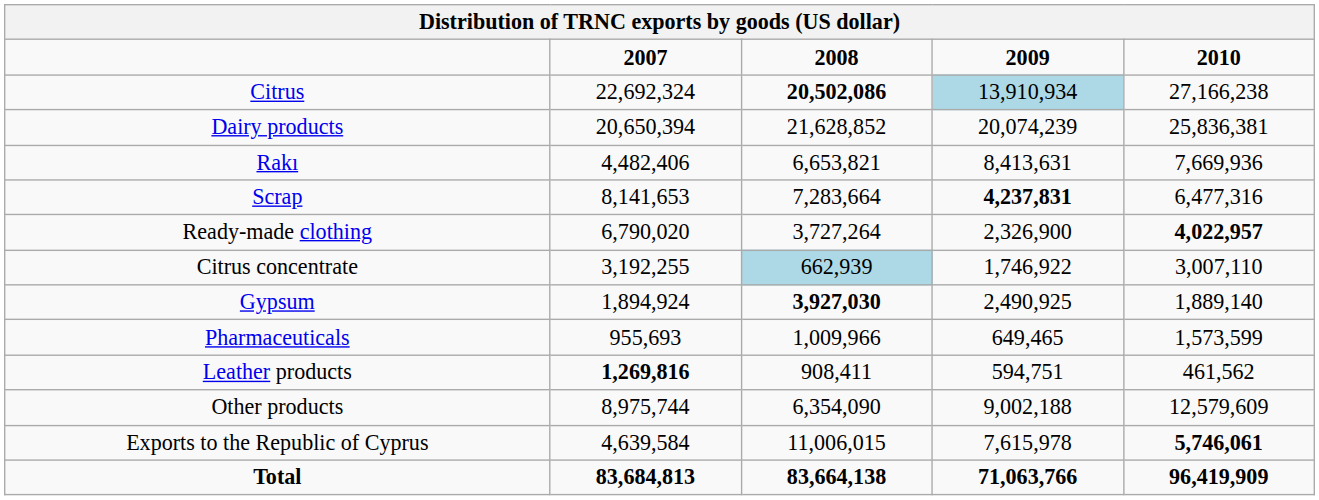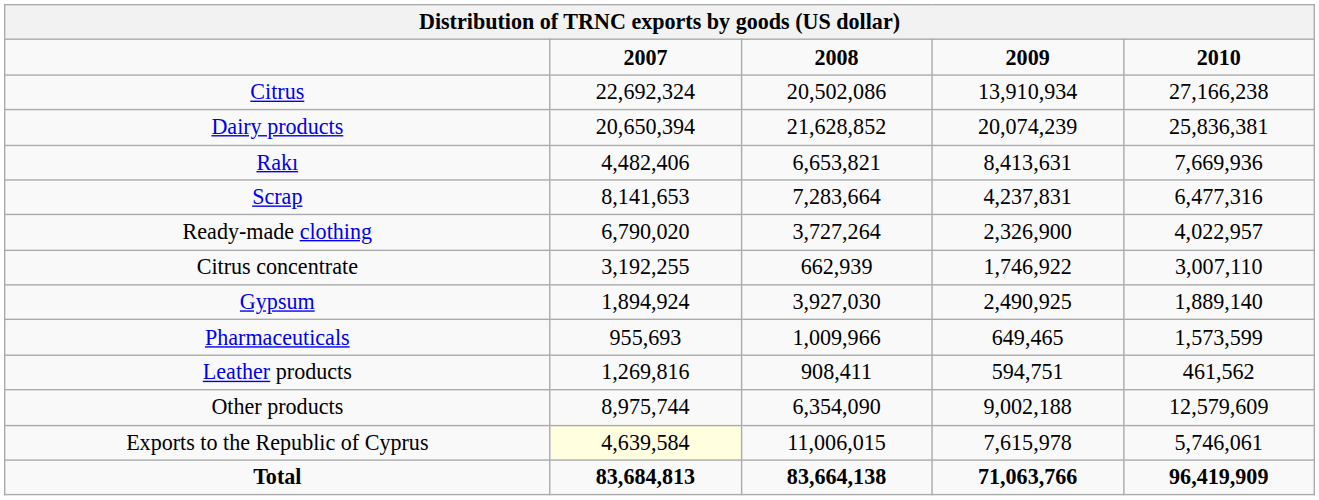 <table class="wikitable" style="width:950px;">
 <tr>
 <th colspan=12>Distribution of TRNC exports by goods (US dollar)</th>
 </tr>
 <tr style="text-align:center;">
 <td style="text-align:center;"></td>
 <td><strong>2007</strong></td>
 <td><strong>2008</strong></td>
 <td><strong>2009</strong></td>
 <td><strong>2010</strong></td>
 </tr>
 <tr style="text-align:center;">
 <td><a href='#'>Citrus</a></td>
 <td>22,692,324</td>
-<td><strong>20,502,086</strong></td>
-<td style="background: lightblue;">13,910,934</td>
+<td>20,502,086</td>
+<td>13,910,934</td>
 <td>27,166,238</td>
 </tr>
 <tr style="text-align:center;">
 <td><a href='#'>Dairy products</a></td>
 <td>20,650,394</td>
 <td>21,628,852</td>
 <td>20,074,239</td>
 <td>25,836,381</td>
 </tr>
 <tr style="text-align:center;">
 <td><a href='#'>Rakı</a></td>
 <td>4,482,406</td>
 <td>6,653,821</td>
 <td>8,413,631</td>
 <td>7,669,936</td>
 </tr>
 <tr style="text-align:center;">
 <td><a href='#'>Scrap</a></td>
 <td>8,141,653</td>
 <td>7,283,664</td>
-<td><strong>4,237,831</strong></td>
+<td>4,237,831</td>
 <td>6,477,316</td>
 </tr>
 <tr style="text-align:center;">
 <td>Ready-made <a href='#'>clothing</a></td>
 <td>6,790,020</td>
 <td>3,727,264</td>
 <td>2,326,900</td>
-<td><strong>4,022,957</strong></td>
+<td>4,022,957</td>
 </tr>
 <tr style="text-align:center;">
 <td>Citrus concentrate</td>
 <td>3,192,255</td>
-<td style="background: lightblue;">662,939</td>
+<td>662,939</td>
 <td>1,746,922</td>
 <td>3,007,110</td>
 </tr>
 <tr style="text-align:center;">
 <td><a href='#'>Gypsum</a></td>
 <td>1,894,924</td>
-<td><strong>3,927,030</strong></td>
+<td>3,927,030</td>
 <td>2,490,925</td>
 <td>1,889,140</td>
 </tr>
 <tr style="text-align:center;">
 <td><a href='#'>Pharmaceuticals</a></td>
 <td>955,693</td>
 <td>1,009,966</td>
 <td>649,465</td>
 <td>1,573,599</td>
 </tr>
 <tr style="text-align:center;">
 <td><a href='#'>Leather</a> products</td>
-<td><strong>1,269,816</strong></td>
+<td>1,269,816</td>
 <td>908,411</td>
 <td>594,751</td>
 <td>461,562</td>
 </tr>
 <tr style="text-align:center;">
 <td>Other products</td>
 <td>8,975,744</td>
 <td>6,354,090</td>
 <td>9,002,188</td>
 <td>12,579,609</td>
 </tr>
 <tr style="text-align:center;">
 <td>Exports to the Republic of Cyprus</td>
-<td>4,639,584</td>
+<td style="background: lightyellow;">4,639,584</td>
 <td>11,006,015</td>
 <td>7,615,978</td>
-<td><strong>5,746,061</strong></td>
+<td>5,746,061</td>
 </tr>
 <tr style="text-align:center;">
 <td><strong>Total</strong></td>
 <td><strong>83,684,813</strong></td>
 <td><strong>83,664,138</strong></td>
 <td><strong>71,063,766</strong></td>
 <td><strong>96,419,909</strong></td>
 </tr>
 </table>
